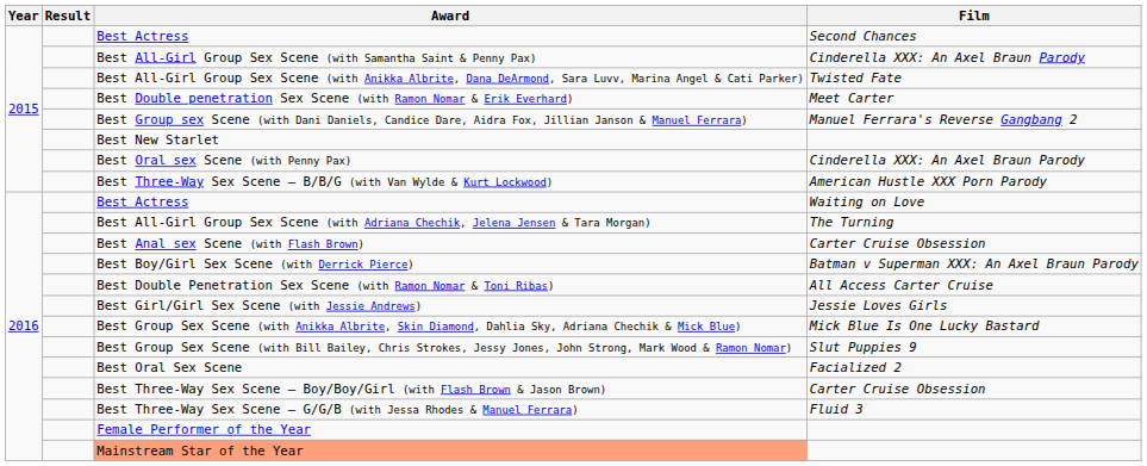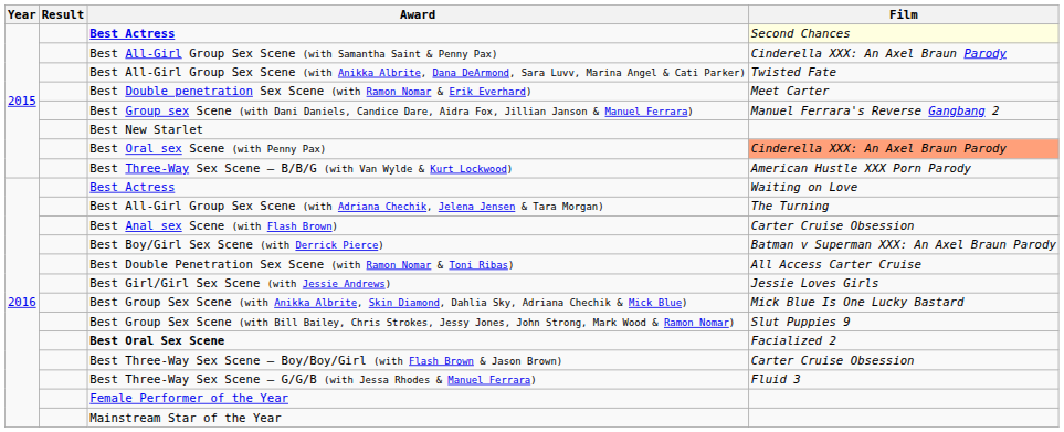 <table class="wikitable">
 <tr>
 <th>Year</th>
 <th>Result</th>
 <th>Award</th>
 <th>Film</th>
 </tr>
 <tr>
 <td rowspan="8"><a href='#'>2015</a></td>
 <td></td>
-<td><a href='#'>Best Actress</a></td>
-<td><em>Second Chances</em></td>
+<td><strong><a href='#'>Best Actress</a></strong></td>
+<td style="background: lightyellow;"><em>Second Chances</em></td>
 </tr>
 <tr>
 <td></td>
 <td>Best <a href='#'>All-Girl</a> Group Sex Scene <small>(with Samantha Saint & Penny Pax)</small></td>
 <td><em>Cinderella XXX: An Axel Braun <a href='#'>Parody</a></em></td>
 </tr>
 <tr>
 <td></td>
 <td>Best All-Girl Group Sex Scene <small>(with <a href='#'>Anikka Albrite</a>, <a href='#'>Dana DeArmond</a>, Sara Luvv, Marina Angel & Cati Parker)</small></td>
 <td><em>Twisted Fate</em></td>
 </tr>
 <tr>
 <td></td>
 <td>Best <a href='#'>Double penetration</a> Sex Scene <small>(with <a href='#'>Ramon Nomar</a> & <a href='#'>Erik Everhard</a>)</small></td>
 <td><em>Meet Carter</em></td>
 </tr>
 <tr>
 <td></td>
 <td>Best <a href='#'>Group sex</a> Scene <small>(with Dani Daniels, Candice Dare, Aidra Fox, Jillian Janson & <a href='#'>Manuel Ferrara</a>)</small></td>
 <td><em>Manuel Ferrara's Reverse <a href='#'>Gangbang</a> 2</em></td>
 </tr>
 <tr>
 <td></td>
 <td>Best New Starlet</td>
 <td></td>
 </tr>
 <tr>
 <td></td>
 <td>Best <a href='#'>Oral sex</a> Scene <small>(with Penny Pax)</small></td>
-<td><em>Cinderella XXX: An Axel Braun Parody</em></td>
+<td style="background: lightsalmon;"><em>Cinderella XXX: An Axel Braun Parody</em></td>
 </tr>
 <tr>
 <td></td>
 <td>Best <a href='#'>Three-Way</a> Sex Scene – B/B/G <small>(with Van Wylde & <a href='#'>Kurt Lockwood</a>)</small></td>
 <td><em>American Hustle XXX Porn Parody</em></td>
 </tr>
 <tr>
 <td rowspan="13"><a href='#'>2016</a></td>
 <td></td>
 <td><a href='#'>Best Actress</a></td>
 <td><em>Waiting on Love</em></td>
 </tr>
 <tr>
 <td></td>
 <td>Best All-Girl Group Sex Scene <small>(with <a href='#'>Adriana Chechik</a>, <a href='#'>Jelena Jensen</a> & Tara Morgan)</small></td>
 <td><em>The Turning</em></td>
 </tr>
 <tr>
 <td></td>
 <td>Best <a href='#'>Anal sex</a> Scene <small>(with <a href='#'>Flash Brown</a>)</small></td>
 <td><em>Carter Cruise Obsession</em></td>
 </tr>
 <tr>
 <td></td>
 <td>Best Boy/Girl Sex Scene <small>(with <a href='#'>Derrick Pierce</a>)</small></td>
 <td><em>Batman v Superman XXX: An Axel Braun Parody</em></td>
 </tr>
 <tr>
 <td></td>
 <td>Best Double Penetration Sex Scene <small>(with <a href='#'>Ramon Nomar</a> & <a href='#'>Toni Ribas</a>)</small></td>
 <td><em>All Access Carter Cruise</em></td>
 </tr>
 <tr>
 <td></td>
 <td>Best Girl/Girl Sex Scene <small>(with <a href='#'>Jessie Andrews</a>)</small></td>
 <td><em>Jessie Loves Girls</em></td>
 </tr>
 <tr>
 <td></td>
 <td>Best Group Sex Scene <small>(with <a href='#'>Anikka Albrite</a>, <a href='#'>Skin Diamond</a>, Dahlia Sky, Adriana Chechik & <a href='#'>Mick Blue</a>)</small></td>
 <td><em>Mick Blue Is One Lucky Bastard</em></td>
 </tr>
 <tr>
 <td></td>
 <td>Best Group Sex Scene <small>(with Bill Bailey, Chris Strokes, Jessy Jones, John Strong, Mark Wood & <a href='#'>Ramon Nomar</a>)</small></td>
 <td><em>Slut Puppies 9</em></td>
 </tr>
 <tr>
 <td></td>
-<td>Best Oral Sex Scene</td>
+<td><strong>Best Oral Sex Scene</strong></td>
 <td><em>Facialized 2</em></td>
 </tr>
 <tr>
 <td></td>
 <td>Best Three-Way Sex Scene – Boy/Boy/Girl <small>(with <a href='#'>Flash Brown</a> & Jason Brown)</small></td>
 <td><em>Carter Cruise Obsession</em></td>
 </tr>
 <tr>
 <td></td>
 <td>Best Three-Way Sex Scene – G/G/B <small>(with Jessa Rhodes & <a href='#'>Manuel Ferrara</a>)</small></td>
 <td><em>Fluid 3</em></td>
 </tr>
 <tr>
 <td></td>
 <td><a href='#'>Female Performer of the Year</a></td>
 <td></td>
 </tr>
 <tr>
 <td></td>
-<td style="background: lightsalmon;">Mainstream Star of the Year</td>
+<td>Mainstream Star of the Year</td>
 <td></td>
 </tr>
 </table>
